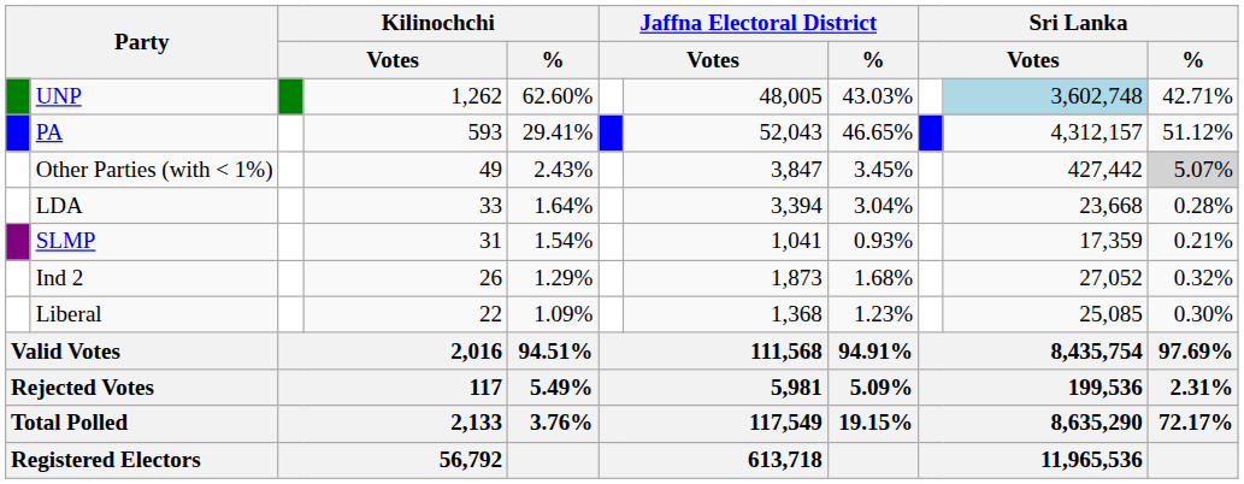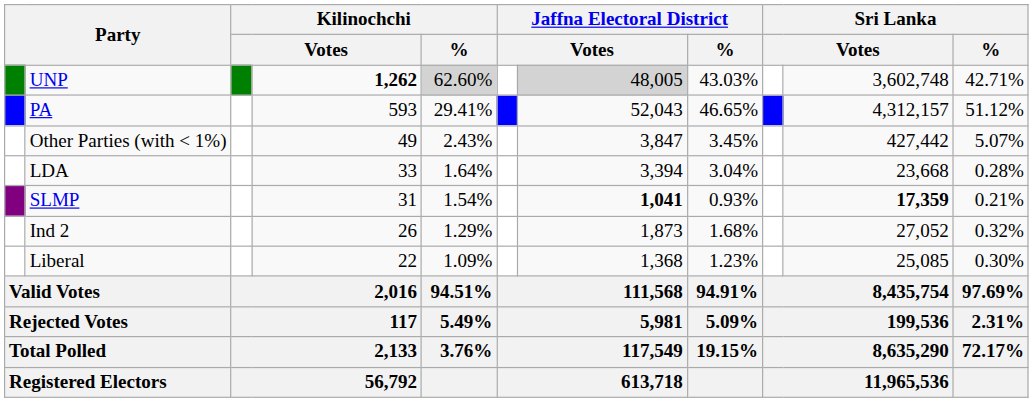 <table class="wikitable">
 <tr>
 <th colspan="2" width="144px"rowspan="2">Party</th>
 <th colspan="3" width="216px">Kilinochchi</th>
 <th colspan="3" width="216px"><a href='#'>Jaffna Electoral District</a></th>
 <th colspan="3" width="216px">Sri Lanka</th>
 </tr>
 <tr>
 <th colspan="2" width="144px">Votes</th>
 <th>%</th>
 <th colspan="2" width="144px">Votes</th>
 <th>%</th>
 <th colspan="2" width="144px">Votes</th>
 <th>%</th>
 </tr>
 <tr>
 <td style="background-color:green;" width="10px"></td>
 <td style="text-align:left;"><a href='#'>UNP</a></td>
 <td style="background-color:green;" width="10px"></td>
-<td style="text-align:right;">1,262</td>
-<td style="text-align:right;">62.60%</td>
+<td style="text-align:right;"><strong>1,262</strong></td>
+<td style="background: lightgrey; text-align:right;">62.60%</td>
 <td style="background-color:white;" width="10px"></td>
-<td style="text-align:right;">48,005</td>
+<td style="background: lightgrey; text-align:right;">48,005</td>
 <td style="text-align:right;">43.03%</td>
 <td style="background-color:white;" width="10px"></td>
-<td style="background: lightblue; text-align:right;">3,602,748</td>
+<td style="text-align:right;">3,602,748</td>
 <td style="text-align:right;">42.71%</td>
 </tr>
 <tr>
 <td style="background-color:blue;" width="10px"></td>
 <td style="text-align:left;"><a href='#'>PA</a></td>
 <td style="background-color:white;" width="10px"></td>
 <td style="text-align:right;">593</td>
 <td style="text-align:right;">29.41%</td>
 <td style="background-color:blue;" width="10px"></td>
 <td style="text-align:right;">52,043</td>
 <td style="text-align:right;">46.65%</td>
 <td style="background-color:blue;" width="10px"></td>
 <td style="text-align:right;">4,312,157</td>
 <td style="text-align:right;">51.12%</td>
 </tr>
 <tr>
 <td style="background-color:white;" width="10px"></td>
 <td style="text-align:left;">Other Parties (with < 1%)</td>
 <td style="background-color:white;" width="10px"></td>
 <td style="text-align:right;">49</td>
 <td style="text-align:right;">2.43%</td>
 <td style="background-color:white;" width="10px"></td>
 <td style="text-align:right;">3,847</td>
 <td style="text-align:right;">3.45%</td>
 <td style="background-color:white;" width="10px"></td>
 <td style="text-align:right;">427,442</td>
-<td style="background: lightgrey; text-align:right;">5.07%</td>
+<td style="text-align:right;">5.07%</td>
 </tr>
 <tr>
 <td style="background-color:white;" width="10px"></td>
 <td style="text-align:left;">LDA</td>
 <td style="background-color:white;" width="10px"></td>
 <td style="text-align:right;">33</td>
 <td style="text-align:right;">1.64%</td>
 <td style="background-color:white;" width="10px"></td>
 <td style="text-align:right;">3,394</td>
 <td style="text-align:right;">3.04%</td>
 <td style="background-color:white;" width="10px"></td>
 <td style="text-align:right;">23,668</td>
 <td style="text-align:right;">0.28%</td>
 </tr>
 <tr>
 <td style="background-color:purple;" width="10px"></td>
 <td style="text-align:left;"><a href='#'>SLMP</a></td>
 <td style="background-color:white;" width="10px"></td>
 <td style="text-align:right;">31</td>
 <td style="text-align:right;">1.54%</td>
 <td style="background-color:white;" width="10px"></td>
-<td style="text-align:right;">1,041</td>
+<td style="text-align:right;"><strong>1,041</strong></td>
 <td style="text-align:right;">0.93%</td>
 <td style="background-color:white;" width="10px"></td>
-<td style="text-align:right;">17,359</td>
+<td style="text-align:right;"><strong>17,359</strong></td>
 <td style="text-align:right;">0.21%</td>
 </tr>
 <tr>
 <td style="background-color:white;" width="10px"></td>
 <td style="text-align:left;">Ind 2</td>
 <td style="background-color:white;" width="10px"></td>
 <td style="text-align:right;">26</td>
 <td style="text-align:right;">1.29%</td>
 <td style="background-color:white;" width="10px"></td>
 <td style="text-align:right;">1,873</td>
 <td style="text-align:right;">1.68%</td>
 <td style="background-color:white;" width="10px"></td>
 <td style="text-align:right;">27,052</td>
 <td style="text-align:right;">0.32%</td>
 </tr>
 <tr>
 <td style="background-color:white;" width="10px"></td>
 <td style="text-align:left;">Liberal</td>
 <td style="background-color:white;" width="10px"></td>
 <td style="text-align:right;">22</td>
 <td style="text-align:right;">1.09%</td>
 <td style="background-color:white;" width="10px"></td>
 <td style="text-align:right;">1,368</td>
 <td style="text-align:right;">1.23%</td>
 <td style="background-color:white;" width="10px"></td>
 <td style="text-align:right;">25,085</td>
 <td style="text-align:right;">0.30%</td>
 </tr>
 <tr>
 <th colspan="2" width="144px"style="text-align:left;">Valid Votes</th>
 <th style="text-align:right;"colspan="2" width="144px">2,016</th>
 <th style="text-align:right;">94.51%</th>
 <th style="text-align:right;"colspan="2" width="144px">111,568</th>
 <th style="text-align:right;">94.91%</th>
 <th style="text-align:right;"colspan="2" width="144px">8,435,754</th>
 <th style="text-align:right;">97.69%</th>
 </tr>
 <tr>
 <th colspan="2" width="144px"style="text-align:left;">Rejected Votes</th>
 <th style="text-align:right;"colspan="2" width="144px">117</th>
 <th style="text-align:right;">5.49%</th>
 <th style="text-align:right;"colspan="2" width="144px">5,981</th>
 <th style="text-align:right;">5.09%</th>
 <th style="text-align:right;"colspan="2" width="144px">199,536</th>
 <th style="text-align:right;">2.31%</th>
 </tr>
 <tr>
 <th colspan="2" width="144px"style="text-align:left;">Total Polled</th>
 <th style="text-align:right;"colspan="2" width="144px">2,133</th>
 <th style="text-align:right;">3.76%</th>
 <th style="text-align:right;"colspan="2" width="144px">117,549</th>
 <th style="text-align:right;">19.15%</th>
 <th style="text-align:right;"colspan="2" width="144px">8,635,290</th>
 <th style="text-align:right;">72.17%</th>
 </tr>
 <tr>
 <th colspan="2" width="144px"style="text-align:left;">Registered Electors</th>
 <th style="text-align:right;"colspan="2" width="144px">56,792</th>
 <th></th>
 <th style="text-align:right;"colspan="2" width="144px">613,718</th>
 <th></th>
 <th style="text-align:right;"colspan="2" width="144px">11,965,536</th>
 <th></th>
 </tr>
 </table>
